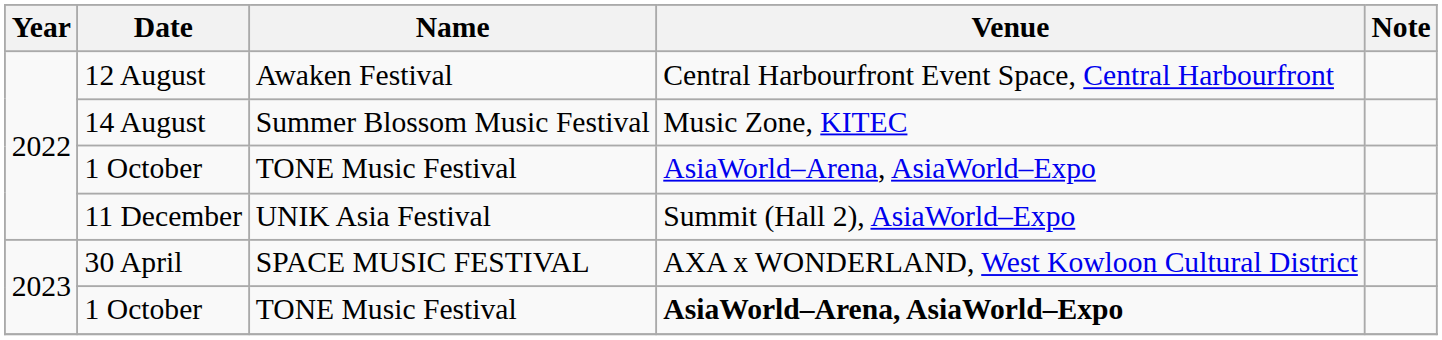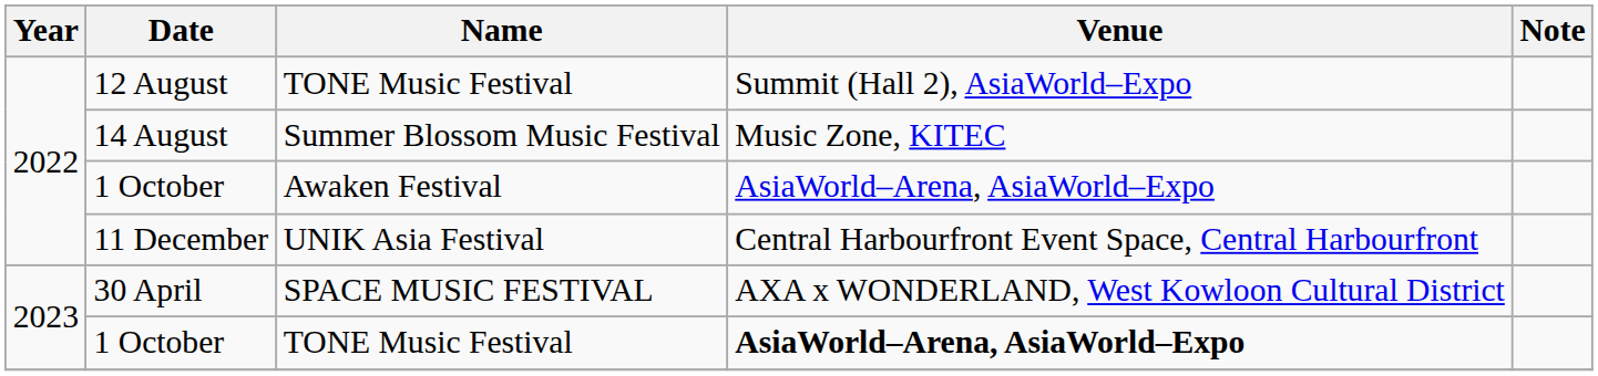 <table class="wikitable plainrowheaders">
 <tr>
 <th scope="col">Year</th>
 <th scope="col">Date</th>
 <th scope="col">Name</th>
 <th scope="col">Venue</th>
 <th scope="col">Note</th>
 </tr>
 <tr>
 <td rowspan="4">2022</td>
 <td>12 August</td>
-<td>Awaken Festival</td>
-<td>Central Harbourfront Event Space, <a href='#'>Central Harbourfront</a></td>
+<td>TONE Music Festival</td>
+<td>Summit (Hall 2), <a href='#'>AsiaWorld–Expo</a></td>
 <td></td>
 </tr>
 <tr>
 <td>14 August</td>
 <td>Summer Blossom Music Festival</td>
 <td>Music Zone, <a href='#'>KITEC</a></td>
 <td></td>
 </tr>
 <tr>
 <td>1 October</td>
-<td>TONE Music Festival</td>
+<td>Awaken Festival</td>
 <td><a href='#'>AsiaWorld–Arena</a>, <a href='#'>AsiaWorld–Expo</a></td>
 <td></td>
 </tr>
 <tr>
 <td>11 December</td>
 <td>UNIK Asia Festival</td>
-<td>Summit (Hall 2), <a href='#'>AsiaWorld–Expo</a></td>
+<td>Central Harbourfront Event Space, <a href='#'>Central Harbourfront</a></td>
 <td></td>
 </tr>
 <tr>
 <td rowspan="2">2023</td>
 <td>30 April</td>
 <td>SPACE MUSIC FESTIVAL</td>
 <td>AXA x WONDERLAND, <a href='#'>West Kowloon Cultural District</a></td>
 <td></td>
 </tr>
 <tr>
 <td>1 October</td>
 <td>TONE Music Festival</td>
 <td><strong>AsiaWorld–Arena, AsiaWorld–Expo</strong></td>
 <td></td>
 </tr>
 <tr>
 </tr>
 </table>
